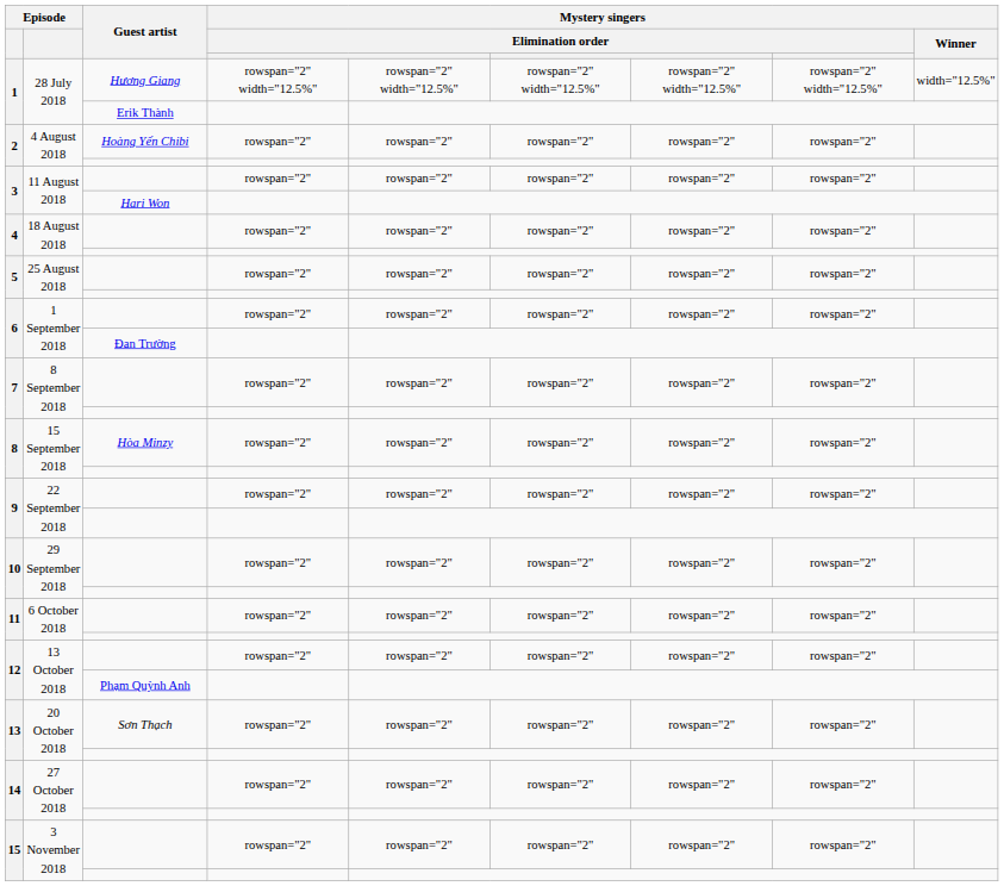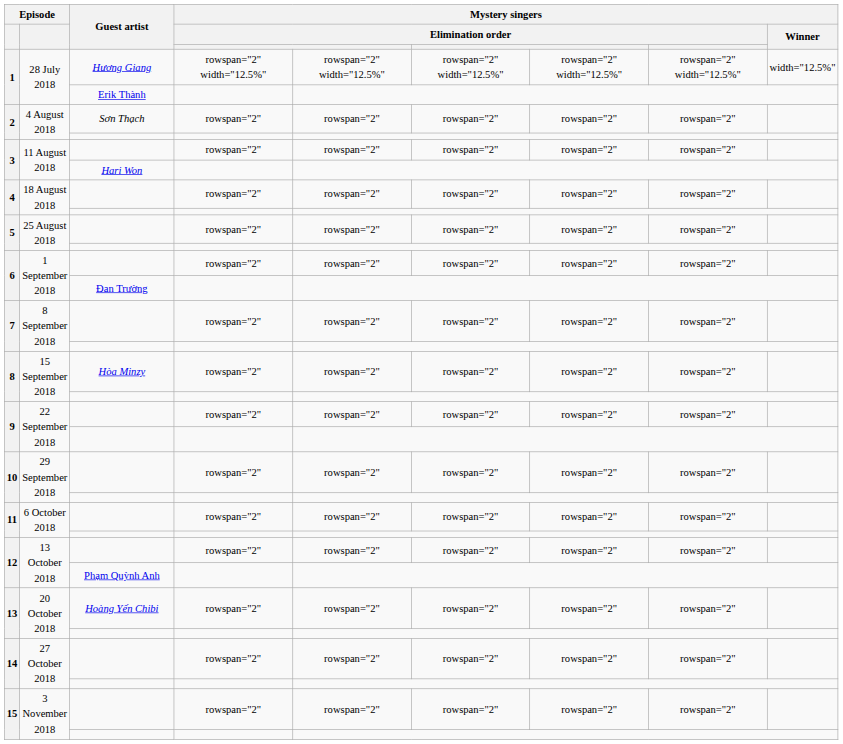 <table class="wikitable plainrowheaders mw-collapsible" style="text-align:center; line-height:23px; width:100%;">
 <tr>
 <th colspan="2" width="1%">Episode</th>
 <th rowspan="3" width="12.5%">Guest artist</th>
 <th colspan="6">Mystery singers<br></th>
 </tr>
 <tr>
 <th rowspan="2"></th>
 <th rowspan="2"></th>
 <th colspan="5">Elimination order</th>
 <th rowspan="2">Winner</th>
 </tr>
 <tr>
 <th colspan="2"></th>
 <th colspan="2"></th>
 <th></th>
 </tr>
 <tr>
 <th rowspan="2">1</th>
 <td rowspan="2">28 July 2018</td>
 <td><em><a href='#'>Hương Giang</a></em></td>
 <td>rowspan="2" width="12.5%" </td>
 <td>rowspan="2" width="12.5%" </td>
 <td>rowspan="2" width="12.5%" </td>
 <td>rowspan="2" width="12.5%" </td>
 <td>rowspan="2" width="12.5%" </td>
 <td>width="12.5%" </td>
 </tr>
 <tr>
 <td><a href='#'>Erik Thành</a></td>
 <td></td>
 </tr>
 <tr>
 <th rowspan="2">2</th>
 <td rowspan="2">4 August 2018</td>
-<td><em><a href='#'>Hoàng Yến Chibi</a></em></td>
+<td><em>Sơn Thạch<br></em></td>
 <td>rowspan="2" </td>
 <td>rowspan="2" </td>
 <td>rowspan="2" </td>
 <td>rowspan="2" </td>
 <td>rowspan="2" </td>
 <td></td>
 </tr>
 <tr>
 <td><em></em></td>
 <td></td>
 </tr>
 <tr>
 <th rowspan="2">3</th>
 <td rowspan="2">11 August 2018</td>
 <td><em></em></td>
 <td>rowspan="2" </td>
 <td>rowspan="2" </td>
 <td>rowspan="2" </td>
 <td>rowspan="2" </td>
 <td>rowspan="2" </td>
 <td></td>
 </tr>
 <tr>
 <td><em><a href='#'>Hari Won</a></em></td>
 <td></td>
 </tr>
 <tr>
 <th rowspan="2">4</th>
 <td rowspan="2">18 August 2018</td>
 <td><em></em></td>
 <td>rowspan="2" </td>
 <td>rowspan="2" </td>
 <td>rowspan="2" </td>
 <td>rowspan="2" </td>
 <td>rowspan="2" </td>
 <td></td>
 </tr>
 <tr>
 <td><em></em></td>
 <td></td>
 </tr>
 <tr>
 <th rowspan="2">5</th>
 <td rowspan="2">25 August 2018</td>
 <td></td>
 <td>rowspan="2" </td>
 <td>rowspan="2" </td>
 <td>rowspan="2" </td>
 <td>rowspan="2" </td>
 <td>rowspan="2" </td>
 <td></td>
 </tr>
 <tr>
 <td></td>
 <td></td>
 </tr>
 <tr>
 <th rowspan="2">6</th>
 <td rowspan="2">1 September 2018</td>
 <td></td>
 <td>rowspan="2" </td>
 <td>rowspan="2" </td>
 <td>rowspan="2" </td>
 <td>rowspan="2" </td>
 <td>rowspan="2" </td>
 <td></td>
 </tr>
 <tr>
 <td><a href='#'>Đan Trường</a></td>
 <td></td>
 </tr>
 <tr>
 <th rowspan="2">7</th>
 <td rowspan="2">8 September 2018</td>
 <td></td>
 <td>rowspan="2" </td>
 <td>rowspan="2" </td>
 <td>rowspan="2" </td>
 <td>rowspan="2" </td>
 <td>rowspan="2" </td>
 <td></td>
 </tr>
 <tr>
 <td></td>
 <td></td>
 </tr>
 <tr>
 <th rowspan="2">8</th>
 <td rowspan="2">15 September 2018</td>
 <td><em><a href='#'>Hòa Minzy</a></em></td>
 <td>rowspan="2" </td>
 <td>rowspan="2" </td>
 <td>rowspan="2" </td>
 <td>rowspan="2" </td>
 <td>rowspan="2" </td>
 <td></td>
 </tr>
 <tr>
 <td></td>
 <td></td>
 </tr>
 <tr>
 <th rowspan="2">9</th>
 <td rowspan="2">22 September 2018</td>
 <td><em></em></td>
 <td>rowspan="2" </td>
 <td>rowspan="2" </td>
 <td>rowspan="2" </td>
 <td>rowspan="2" </td>
 <td>rowspan="2" </td>
 <td></td>
 </tr>
 <tr>
 <td><em><br></em></td>
 <td></td>
 </tr>
 <tr>
 <th rowspan="2">10</th>
 <td rowspan="2">29 September 2018</td>
 <td></td>
 <td>rowspan="2" </td>
 <td>rowspan="2" </td>
 <td>rowspan="2" </td>
 <td>rowspan="2" </td>
 <td>rowspan="2" </td>
 <td></td>
 </tr>
 <tr>
 <td></td>
 <td></td>
 </tr>
 <tr>
 <th rowspan="2">11</th>
 <td rowspan="2">6 October 2018</td>
 <td></td>
 <td>rowspan="2" </td>
 <td>rowspan="2" </td>
 <td>rowspan="2" </td>
 <td>rowspan="2" </td>
 <td>rowspan="2" </td>
 <td></td>
 </tr>
 <tr>
 <td></td>
 <td></td>
 </tr>
 <tr>
 <th rowspan="2">12</th>
 <td rowspan="2">13 October 2018</td>
 <td><em></em></td>
 <td>rowspan="2" </td>
 <td>rowspan="2" </td>
 <td>rowspan="2" </td>
 <td>rowspan="2" </td>
 <td>rowspan="2" </td>
 <td></td>
 </tr>
 <tr>
 <td><a href='#'>Phạm Quỳnh Anh</a></td>
 <td></td>
 </tr>
 <tr>
 <th rowspan="2">13</th>
 <td rowspan="2">20 October 2018</td>
-<td><em>Sơn Thạch<br></em></td>
+<td><em><a href='#'>Hoàng Yến Chibi</a></em></td>
 <td>rowspan="2" </td>
 <td>rowspan="2" </td>
 <td>rowspan="2" </td>
 <td>rowspan="2" </td>
 <td>rowspan="2" </td>
 <td></td>
 </tr>
 <tr>
 <td><em></em></td>
 <td></td>
 </tr>
 <tr>
 <th rowspan="2">14</th>
 <td rowspan="2">27 October 2018</td>
 <td></td>
 <td>rowspan="2" </td>
 <td>rowspan="2" </td>
 <td>rowspan="2" </td>
 <td>rowspan="2" </td>
 <td>rowspan="2" </td>
 <td></td>
 </tr>
 <tr>
 <td><em></em></td>
 <td></td>
 </tr>
 <tr>
 <th rowspan="2">15</th>
 <td rowspan="2">3 November 2018</td>
 <td><em></em></td>
 <td>rowspan="2" </td>
 <td>rowspan="2" </td>
 <td>rowspan="2" </td>
 <td>rowspan="2" </td>
 <td>rowspan="2" </td>
 <td></td>
 </tr>
 <tr>
 <td><em></em></td>
 <td></td>
 </tr>
 </table>
